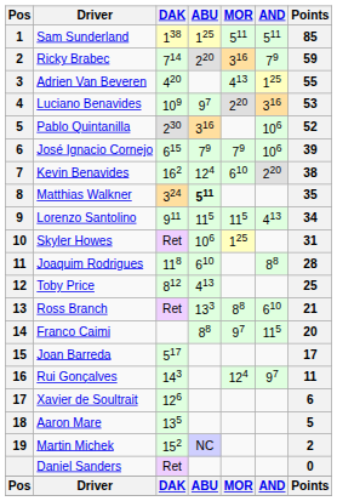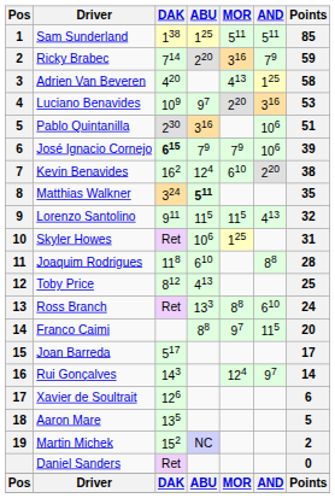 <table class="wikitable" style="font-size: 85%; text-align: center; display: inline-table;">
 <tr valign="top">
 <th valign="middle">Pos</th>
 <th valign="middle">Driver</th>
 <th><a href='#'>DAK</a><br></th>
 <th><a href='#'>ABU</a><br></th>
 <th><a href='#'>MOR</a><br></th>
 <th><a href='#'>AND</a><br></th>
 <th valign="middle">Points</th>
 </tr>
 <tr>
 <th>1</th>
 <td align=left> <a href='#'>Sam Sunderland</a></td>
 <td style="background:#ffffbf;">1<sup>38</sup></td>
 <td style="background:#ffffbf;">1<sup>25</sup></td>
 <td style="background:#dfffdf;">5<sup>11</sup></td>
 <td style="background:#dfffdf;">5<sup>11</sup></td>
 <th>85</th>
 </tr>
 <tr>
 <th>2</th>
 <td align=left> <a href='#'>Ricky Brabec</a></td>
 <td style="background:#dfffdf;">7<sup>14</sup></td>
 <td style="background:#dfdfdf;">2<sup>20</sup></td>
 <td style="background:#ffdf9f;">3<sup>16</sup></td>
 <td style="background:#dfffdf;">7<sup>9</sup></td>
 <th>59</th>
 </tr>
 <tr>
 <th>3</th>
 <td align=left> <a href='#'>Adrien Van Beveren</a></td>
 <td style="background:#dfffdf;">4<sup>20</sup></td>
 <td></td>
 <td style="background:#dfffdf;">4<sup>13</sup></td>
 <td style="background:#ffffbf;">1<sup>25</sup></td>
-<th>55</th>
+<th>58</th>
 </tr>
 <tr>
 <th>4</th>
 <td align=left> <a href='#'>Luciano Benavides</a></td>
 <td style="background:#dfffdf;">10<sup>9</sup></td>
 <td style="background:#dfffdf;">9<sup>7</sup></td>
 <td style="background:#dfdfdf;">2<sup>20</sup></td>
 <td style="background:#ffdf9f;">3<sup>16</sup></td>
 <th>53</th>
 </tr>
 <tr>
 <th>5</th>
 <td align=left> <a href='#'>Pablo Quintanilla</a></td>
 <td style="background:#dfdfdf;">2<sup>30</sup></td>
 <td style="background:#ffdf9f;">3<sup>16</sup></td>
 <td></td>
 <td style="background:#dfffdf;">10<sup>6</sup></td>
-<th>52</th>
+<th>51</th>
 </tr>
 <tr>
 <th>6</th>
 <td align=left> <a href='#'>José Ignacio Cornejo</a></td>
-<td style="background:#dfffdf;">6<sup>15</sup></td>
+<td style="background:#dfffdf;"><strong>6<sup>15</sup></strong></td>
 <td style="background:#dfffdf;">7<sup>9</sup></td>
 <td style="background:#dfffdf;">7<sup>9</sup></td>
 <td style="background:#dfffdf;">10<sup>6</sup></td>
 <th>39</th>
 </tr>
 <tr>
 <th>7</th>
 <td align=left> <a href='#'>Kevin Benavides</a></td>
 <td style="background:#dfffdf;">16<sup>2</sup></td>
 <td style="background:#dfffdf;">12<sup>4</sup></td>
 <td style="background:#dfffdf;">6<sup>10</sup></td>
 <td style="background:#dfdfdf;">2<sup>20</sup></td>
 <th>38</th>
 </tr>
 <tr>
 <th>8</th>
 <td align=left> <a href='#'>Matthias Walkner</a></td>
 <td style="background:#ffdf9f;">3<sup>24</sup></td>
 <td style="background:#dfffdf;"><strong>5<sup>11</sup></strong></td>
 <td></td>
 <td></td>
 <th>35</th>
 </tr>
 <tr>
 <th>9</th>
 <td align=left> <a href='#'>Lorenzo Santolino</a></td>
 <td style="background:#dfffdf;">9<sup>11</sup></td>
 <td style="background:#dfffdf;">11<sup>5</sup></td>
 <td style="background:#dfffdf;">11<sup>5</sup></td>
 <td style="background:#dfffdf;">4<sup>13</sup></td>
-<th>34</th>
+<th>32</th>
 </tr>
 <tr>
 <th>10</th>
 <td align=left> <a href='#'>Skyler Howes</a></td>
 <td style="background:#efcfff;">Ret</td>
 <td style="background:#dfffdf;">10<sup>6</sup></td>
 <td style="background:#ffffbf;">1<sup>25</sup></td>
 <td></td>
 <th>31</th>
 </tr>
 <tr>
 <th>11</th>
 <td align=left> <a href='#'>Joaquim Rodrigues</a></td>
 <td style="background:#dfffdf;">11<sup>8</sup></td>
 <td style="background:#dfffdf;">6<sup>10</sup></td>
 <td></td>
 <td style="background:#dfffdf;">8<sup>8</sup></td>
 <th>28</th>
 </tr>
 <tr>
 <th>12</th>
 <td align=left> <a href='#'>Toby Price</a></td>
 <td style="background:#dfffdf;">8<sup>12</sup></td>
 <td style="background:#dfffdf;">4<sup>13</sup></td>
 <td></td>
 <td></td>
 <th>25</th>
 </tr>
 <tr>
 <th>13</th>
 <td align=left> <a href='#'>Ross Branch</a></td>
 <td style="background:#efcfff;">Ret</td>
 <td style="background:#dfffdf;">13<sup>3</sup></td>
 <td style="background:#dfffdf;">8<sup>8</sup></td>
 <td style="background:#dfffdf;">6<sup>10</sup></td>
-<th>21</th>
+<th>24</th>
 </tr>
 <tr>
 <th>14</th>
 <td align=left> <a href='#'>Franco Caimi</a></td>
 <td></td>
 <td style="background:#dfffdf;">8<sup>8</sup></td>
 <td style="background:#dfffdf;">9<sup>7</sup></td>
 <td style="background:#dfffdf;">11<sup>5</sup></td>
 <th>20</th>
 </tr>
 <tr>
 <th>15</th>
 <td align=left> <a href='#'>Joan Barreda</a></td>
 <td style="background:#dfffdf;">5<sup>17</sup></td>
 <td></td>
 <td></td>
 <td></td>
 <th>17</th>
 </tr>
 <tr>
 <th>16</th>
 <td align=left> <a href='#'>Rui Gonçalves</a></td>
 <td style="background:#dfffdf;">14<sup>3</sup></td>
 <td></td>
 <td style="background:#dfffdf;">12<sup>4</sup></td>
 <td style="background:#dfffdf;">9<sup>7</sup></td>
-<th>11</th>
+<th>14</th>
 </tr>
 <tr>
 <th>17</th>
 <td align=left> <a href='#'>Xavier de Soultrait</a></td>
 <td style="background:#dfffdf;">12<sup>6</sup></td>
 <td></td>
 <td></td>
 <td></td>
 <th>6</th>
 </tr>
 <tr>
 <th>18</th>
 <td align=left> <a href='#'>Aaron Mare</a></td>
 <td style="background:#dfffdf;">13<sup>5</sup></td>
 <td></td>
 <td></td>
 <td></td>
 <th>5</th>
 </tr>
 <tr>
 <th>19</th>
 <td align=left> <a href='#'>Martin Michek</a></td>
 <td style="background:#dfffdf;">15<sup>2</sup></td>
 <td style="background:#cfcfff;">NC</td>
 <td></td>
 <td></td>
 <th>2</th>
 </tr>
 <tr>
 <th></th>
 <td align=left> <a href='#'>Daniel Sanders</a></td>
 <td style="background:#efcfff;">Ret</td>
 <td></td>
 <td></td>
 <td></td>
 <th>0</th>
 </tr>
 <tr>
 </tr>
 <tr valign="top">
 <th valign="middle">Pos</th>
 <th valign="middle">Driver</th>
 <th><a href='#'>DAK</a><br></th>
 <th><a href='#'>ABU</a><br></th>
 <th><a href='#'>MOR</a><br></th>
 <th><a href='#'>AND</a><br></th>
 <th valign="middle">Points</th>
 </tr>
 <tr>
 </tr>
 </table>
